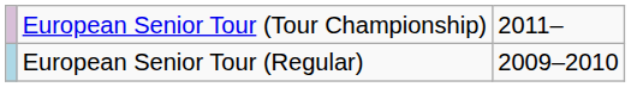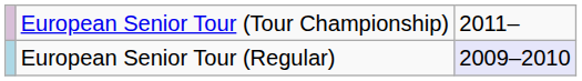 <table class="wikitable" style="font-size:95%">
 <tr>
 <td style="background:thistle"></td>
 <td><a href='#'>European Senior Tour</a> (Tour Championship)</td>
 <td>2011–</td>
 </tr>
 <tr>
 <td style="background:lightblue"></td>
 <td>European Senior Tour (Regular)</td>
-<td>2009–2010</td>
+<td style="background: lavender;">2009–2010</td>
 </tr>
 </table>
